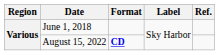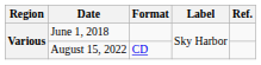 <table class="wikitable plainrowheaders">
 <tr>
 <th scope="col">Region</th>
 <th scope="col">Date</th>
 <th scope="col">Format</th>
 <th scope="col">Label</th>
 <th scope="col">Ref.</th>
 </tr>
 <tr>
 <th scope="row" rowspan="3">Various</th>
 <td>June 1, 2018</td>
 <td></td>
 <td rowspan="2">Sky Harbor</td>
 <td style="text-align:center;"></td>
 </tr>
 <tr>
 <td>August 15, 2022</td>
-<td><strong><a href='#'>CD</a></strong></td>
+<td><a href='#'>CD</a></td>
 <td style="text-align:center;"></td>
 </tr>
 </table>
